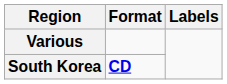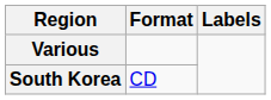 <table class="wikitable plainrowheaders">
 <tr>
 <th scope="col">Region</th>
 <th scope="col">Format</th>
 <th scope="col">Labels</th>
 </tr>
 <tr>
 <th scope="row">Various</th>
 <td></td>
 <td rowspan="2"></td>
 </tr>
 <tr>
 <th scope="row">South Korea</th>
-<td><strong><a href='#'>CD</a></strong></td>
+<td><a href='#'>CD</a></td>
 </tr>
 </table>
